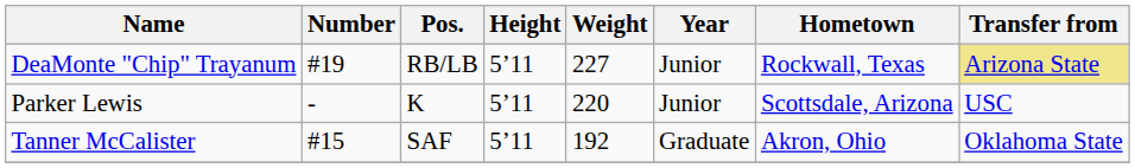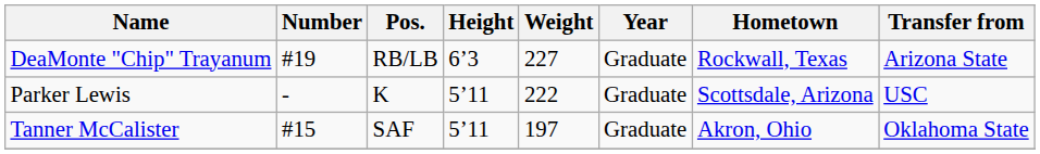 <table class="wikitable sortable">
 <tr>
 <th style="text-align:center; ">Name</th>
 <th style="text-align:center; ">Number</th>
 <th style="text-align:center; ">Pos.</th>
 <th style="text-align:center; ">Height</th>
 <th style="text-align:center; ">Weight</th>
 <th style="text-align:center; ">Year</th>
 <th style="text-align:center; ">Hometown</th>
 <th style="text-align:center; ">Transfer from</th>
 </tr>
 <tr>
 <td><a href='#'>DeaMonte "Chip" Trayanum</a></td>
 <td>#19</td>
 <td>RB/LB</td>
-<td>5’11</td>
+<td>6’3</td>
 <td>227</td>
-<td>Junior</td>
+<td>Graduate</td>
 <td><a href='#'>Rockwall, Texas</a></td>
-<td style="background: khaki;"><a href='#'>Arizona State</a></td>
+<td><a href='#'>Arizona State</a></td>
 </tr>
 <tr>
 <td>Parker Lewis</td>
 <td>-</td>
 <td>K</td>
 <td>5’11</td>
-<td>220</td>
-<td>Junior</td>
+<td>222</td>
+<td>Graduate</td>
 <td><a href='#'>Scottsdale, Arizona</a></td>
 <td><a href='#'>USC</a></td>
 </tr>
 <tr>
 <td><a href='#'>Tanner McCalister</a></td>
 <td>#15</td>
 <td>SAF</td>
 <td>5’11</td>
-<td>192</td>
+<td>197</td>
 <td>Graduate</td>
 <td><a href='#'>Akron, Ohio</a></td>
 <td><a href='#'>Oklahoma State</a></td>
 </tr>
 <tr>
 </tr>
 </table>
